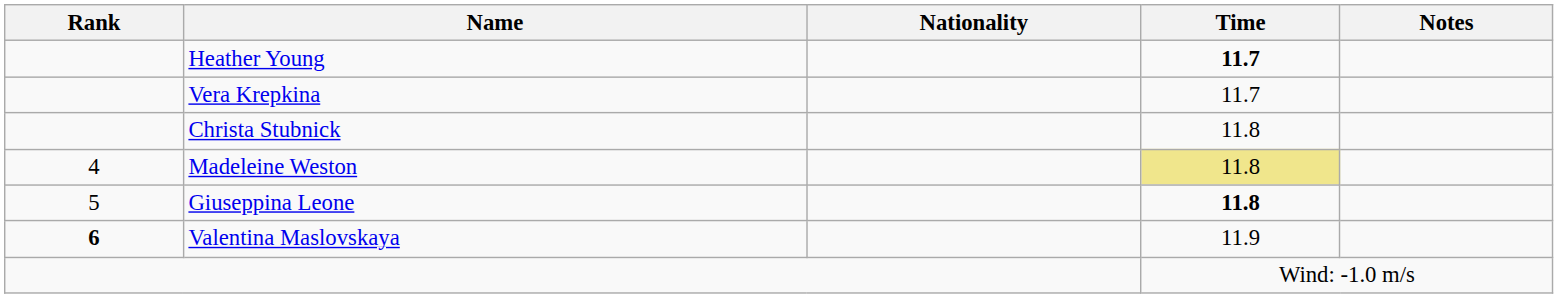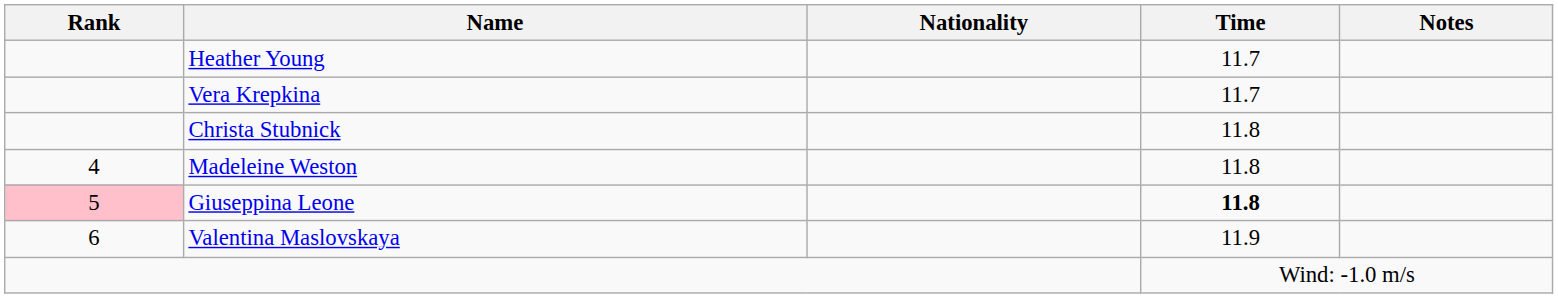 <table class="wikitable sortable" style="text-align:center;width: 55%">
 <tr>
 <th>Rank</th>
 <th>Name</th>
 <th>Nationality</th>
 <th>Time</th>
 <th>Notes</th>
 </tr>
 <tr>
 <td></td>
 <td align=left><a href='#'>Heather Young</a></td>
 <td align=left></td>
-<td><strong>11.7</strong></td>
+<td>11.7</td>
 <td></td>
 </tr>
 <tr>
 <td></td>
 <td align=left><a href='#'>Vera Krepkina</a></td>
 <td align=left></td>
 <td>11.7</td>
 <td></td>
 </tr>
 <tr>
 <td></td>
 <td align=left><a href='#'>Christa Stubnick</a></td>
 <td align=left></td>
 <td>11.8</td>
 <td></td>
 </tr>
 <tr>
 <td>4</td>
 <td align=left><a href='#'>Madeleine Weston</a></td>
 <td align=left></td>
-<td style="background: khaki;">11.8</td>
+<td>11.8</td>
 <td></td>
 </tr>
 <tr>
-<td>5</td>
+<td style="background: pink;">5</td>
 <td align=left><a href='#'>Giuseppina Leone</a></td>
 <td align=left></td>
 <td><strong>11.8</strong></td>
 <td></td>
 </tr>
 <tr>
-<td><strong>6</strong></td>
+<td>6</td>
 <td align=left><a href='#'>Valentina Maslovskaya</a></td>
 <td align=left></td>
 <td>11.9</td>
 <td></td>
 </tr>
 <tr>
 <td colspan="3"></td>
 <td colspan="2">Wind: -1.0 m/s</td>
 </tr>
 </table>
